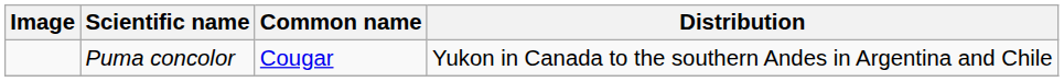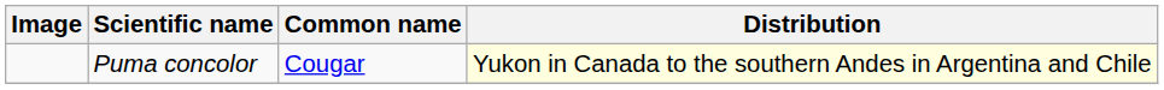 <table class="wikitable">
 <tr>
 <th>Image</th>
 <th>Scientific name</th>
 <th>Common name</th>
 <th>Distribution</th>
 </tr>
 <tr>
 <td></td>
 <td><em>Puma concolor</em></td>
 <td><a href='#'>Cougar</a></td>
-<td>Yukon in Canada to the southern Andes in Argentina and Chile</td>
+<td style="background: lightyellow;">Yukon in Canada to the southern Andes in Argentina and Chile</td>
 </tr>
 <tr>
 </tr>
 </table>
